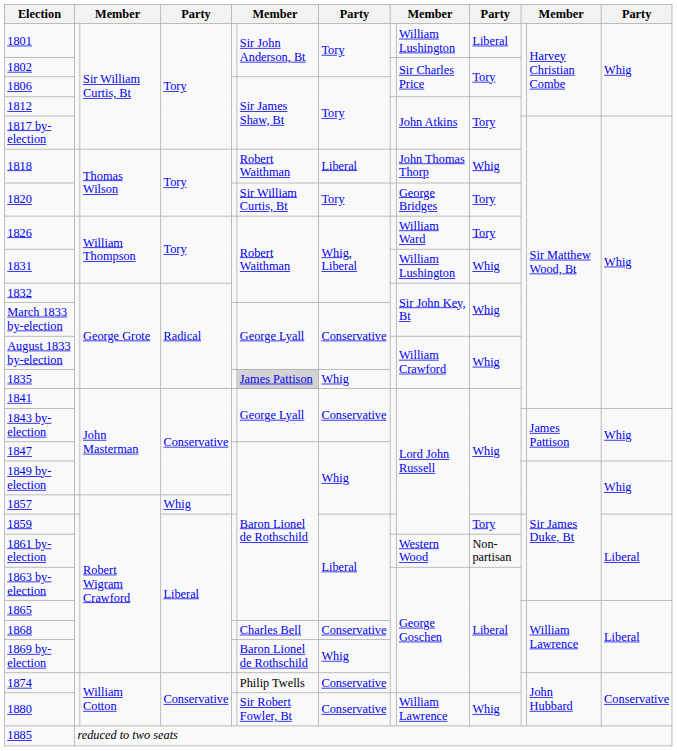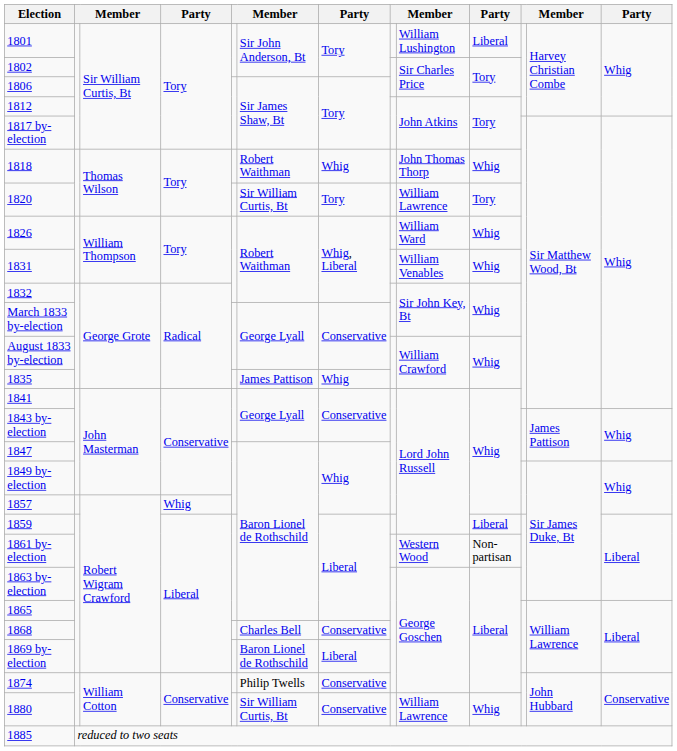 <table class="wikitable">
 <tr>
 <th>Election</th>
 <th colspan="2">Member</th>
 <th>Party</th>
 <th colspan="2">Member</th>
 <th>Party</th>
 <th colspan="2">Member</th>
 <th>Party</th>
 <th colspan="2">Member</th>
 <th>Party</th>
 </tr>
 <tr>
 <td><a href='#'>1801</a></td>
 <td rowspan="5" style="color:inherit;background-color: "></td>
 <td rowspan="5"><a href='#'>Sir William Curtis, Bt</a></td>
 <td rowspan="5"><a href='#'>Tory</a></td>
 <td rowspan="2" style="color:inherit;background-color: "></td>
 <td rowspan="2"><a href='#'>Sir John Anderson, Bt</a></td>
 <td rowspan="2"><a href='#'>Tory</a></td>
 <td style="color:inherit;background-color: "></td>
 <td><a href='#'>William Lushington</a></td>
 <td><a href='#'>Liberal</a></td>
 <td rowspan="4" style="color:inherit;background-color: "></td>
 <td rowspan="4"><a href='#'>Harvey Christian Combe</a></td>
 <td rowspan="4"><a href='#'>Whig</a></td>
 </tr>
 <tr>
 <td><a href='#'>1802</a></td>
 <td rowspan="2" style="color:inherit;background-color: "></td>
 <td rowspan="2"><a href='#'>Sir Charles Price</a></td>
 <td rowspan="2"><a href='#'>Tory</a></td>
 </tr>
 <tr>
 <td><a href='#'>1806</a></td>
 <td rowspan="3" style="color:inherit;background-color: "></td>
 <td rowspan="3"><a href='#'>Sir James Shaw, Bt</a></td>
 <td rowspan="3"><a href='#'>Tory</a></td>
 </tr>
 <tr>
 <td><a href='#'>1812</a></td>
 <td rowspan="2" style="color:inherit;background-color: "></td>
 <td rowspan="2"><a href='#'>John Atkins</a></td>
 <td rowspan="2"><a href='#'>Tory</a></td>
 </tr>
 <tr>
 <td><a href='#'>1817 by-election</a></td>
 <td rowspan="10" style="color:inherit;background-color: "></td>
 <td rowspan="10"><a href='#'>Sir Matthew Wood, Bt</a></td>
 <td rowspan="10"><a href='#'>Whig</a></td>
 </tr>
 <tr>
 <td><a href='#'>1818</a></td>
 <td rowspan="2" style="color:inherit;background-color: "></td>
 <td rowspan="2"><a href='#'>Thomas Wilson</a></td>
 <td rowspan="2"><a href='#'>Tory</a></td>
 <td style="color:inherit;background-color: "></td>
 <td><a href='#'>Robert Waithman</a></td>
-<td><a href='#'>Liberal</a></td>
+<td><a href='#'>Whig</a></td>
 <td style="color:inherit;background-color: "></td>
 <td><a href='#'>John Thomas Thorp</a></td>
 <td><a href='#'>Whig</a></td>
 </tr>
 <tr>
 <td><a href='#'>1820</a></td>
 <td style="color:inherit;background-color: "></td>
 <td><a href='#'>Sir William Curtis, Bt</a></td>
 <td><a href='#'>Tory</a></td>
 <td style="color:inherit;background-color: "></td>
-<td><a href='#'>George Bridges</a></td>
+<td><a href='#'>William Lawrence</a></td>
 <td><a href='#'>Tory</a></td>
 </tr>
 <tr>
 <td><a href='#'>1826</a></td>
 <td rowspan="2" style="color:inherit;background-color: "></td>
 <td rowspan="2"><a href='#'>William Thompson</a></td>
 <td rowspan="2"><a href='#'>Tory</a></td>
 <td rowspan="3" style="color:inherit;background-color: "></td>
 <td rowspan="3"><a href='#'>Robert Waithman</a></td>
 <td rowspan="3"><a href='#'>Whig</a>, <a href='#'>Liberal</a></td>
 <td style="color:inherit;background-color: "></td>
 <td><a href='#'>William Ward</a></td>
-<td><a href='#'>Tory</a></td>
+<td><a href='#'>Whig</a></td>
 </tr>
 <tr>
 <td><a href='#'>1831</a></td>
 <td style="color:inherit;background-color: "></td>
-<td><a href='#'>William Lushington</a></td>
+<td><a href='#'>William Venables</a></td>
 <td><a href='#'>Whig</a></td>
 </tr>
 <tr>
 <td><a href='#'>1832</a></td>
 <td rowspan="4" style="color:inherit;background-color: "></td>
 <td rowspan="4"><a href='#'>George Grote</a></td>
 <td rowspan="4"><a href='#'>Radical</a></td>
 <td rowspan="2" style="color:inherit;background-color: "></td>
 <td rowspan="2"><a href='#'>Sir John Key, Bt</a></td>
 <td rowspan="2"><a href='#'>Whig</a></td>
 </tr>
 <tr>
 <td><a href='#'>March 1833 by-election</a></td>
 <td rowspan="2" style="color:inherit;background-color: "></td>
 <td rowspan="2"><a href='#'>George Lyall</a></td>
 <td rowspan="2"><a href='#'>Conservative</a></td>
 </tr>
 <tr>
 <td><a href='#'>August 1833 by-election</a></td>
 <td rowspan="2" style="color:inherit;background-color: "></td>
 <td rowspan="2"><a href='#'>William Crawford</a></td>
 <td rowspan="2"><a href='#'>Whig</a></td>
 </tr>
 <tr>
 <td><a href='#'>1835</a></td>
 <td rowspan="1" style="color:inherit;background-color: "></td>
-<td style="background: lightgrey;"><a href='#'>James Pattison</a></td>
+<td><a href='#'>James Pattison</a></td>
 <td><a href='#'>Whig</a></td>
 </tr>
 <tr>
 <td><a href='#'>1841</a></td>
 <td rowspan="4" style="color:inherit;background-color: "></td>
 <td rowspan="4"><a href='#'>John Masterman</a></td>
 <td rowspan="4"><a href='#'>Conservative</a></td>
 <td rowspan="2" style="color:inherit;background-color: "></td>
 <td rowspan="2"><a href='#'>George Lyall</a></td>
 <td rowspan="2"><a href='#'>Conservative</a></td>
 <td rowspan="5" style="color:inherit;background-color: "></td>
 <td rowspan="6"><a href='#'>Lord John Russell</a></td>
 <td rowspan="5"><a href='#'>Whig</a></td>
 </tr>
 <tr>
 <td><a href='#'>1843 by-election</a></td>
 <td rowspan="2" style="color:inherit;background-color: "></td>
 <td rowspan="2"><a href='#'>James Pattison</a></td>
 <td rowspan="2"><a href='#'>Whig</a></td>
 </tr>
 <tr>
 <td><a href='#'>1847</a></td>
 <td rowspan="3" style="color:inherit;background-color: "></td>
 <td rowspan="7"><a href='#'>Baron Lionel de Rothschild</a></td>
 <td rowspan="3"><a href='#'>Whig</a></td>
 </tr>
 <tr>
 <td><a href='#'>1849 by-election</a></td>
 <td rowspan="2" style="color:inherit;background-color: "></td>
 <td rowspan="5"><a href='#'>Sir James Duke, Bt</a></td>
 <td rowspan="2"><a href='#'>Whig</a></td>
 </tr>
 <tr>
 <td><a href='#'>1857</a></td>
 <td rowspan="1" style="color:inherit;background-color: "></td>
 <td rowspan="7"><a href='#'>Robert Wigram Crawford</a></td>
 <td><a href='#'>Whig</a></td>
 </tr>
 <tr>
 <td><a href='#'>1859</a></td>
 <td rowspan="6" style="color:inherit;background-color: "></td>
 <td rowspan="6"><a href='#'>Liberal</a></td>
 <td rowspan="4" style="color:inherit;background-color: "></td>
 <td rowspan="4"><a href='#'>Liberal</a></td>
 <td rowspan="1" style="color:inherit;background-color: "></td>
-<td><a href='#'>Tory</a></td>
+<td><a href='#'>Liberal</a></td>
 <td rowspan="3" style="color:inherit;background-color: "></td>
 <td rowspan="3"><a href='#'>Liberal</a></td>
 </tr>
 <tr>
 <td><a href='#'>1861 by-election</a></td>
 <td style="color:inherit;background-color: "></td>
 <td><a href='#'>Western Wood</a></td>
 <td>Non-partisan</td>
 </tr>
 <tr>
 <td><a href='#'>1863 by-election</a></td>
 <td rowspan="5" style="color:inherit;background-color: "></td>
 <td rowspan="5"><a href='#'>George Goschen</a></td>
 <td rowspan="5"><a href='#'>Liberal</a></td>
 </tr>
 <tr>
 <td><a href='#'>1865</a></td>
 <td rowspan="3" style="color:inherit;background-color: "></td>
 <td rowspan="3"><a href='#'>William Lawrence</a></td>
 <td rowspan="3"><a href='#'>Liberal</a></td>
 </tr>
 <tr>
 <td><a href='#'>1868</a></td>
 <td style="color:inherit;background-color: "></td>
 <td><a href='#'>Charles Bell</a></td>
 <td><a href='#'>Conservative</a></td>
 </tr>
 <tr>
 <td><a href='#'>1869 by-election</a></td>
 <td style="color:inherit;background-color: "></td>
 <td><a href='#'>Baron Lionel de Rothschild</a></td>
-<td><a href='#'>Whig</a></td>
+<td><a href='#'>Liberal</a></td>
 </tr>
 <tr>
 <td><a href='#'>1874</a></td>
 <td rowspan="2" style="color:inherit;background-color: "></td>
 <td rowspan="2"><a href='#'>William Cotton</a></td>
 <td rowspan="2"><a href='#'>Conservative</a></td>
 <td style="color:inherit;background-color: "></td>
 <td>Philip Twells</td>
 <td><a href='#'>Conservative</a></td>
 <td rowspan="2" style="color:inherit;background-color: "></td>
 <td rowspan="2"><a href='#'>John Hubbard</a></td>
 <td rowspan="2"><a href='#'>Conservative</a></td>
 </tr>
 <tr>
 <td><a href='#'>1880</a></td>
 <td style="color:inherit;background-color: "></td>
-<td><a href='#'>Sir Robert Fowler, Bt</a></td>
+<td><a href='#'>Sir William Curtis, Bt</a></td>
 <td><a href='#'>Conservative</a></td>
 <td style="color:inherit;background-color: "></td>
 <td><a href='#'>William Lawrence</a></td>
 <td><a href='#'>Whig</a></td>
 </tr>
 <tr>
 <td><a href='#'>1885</a></td>
 <td colspan="12"><em>reduced to two seats</em></td>
 </tr>
 </table>
